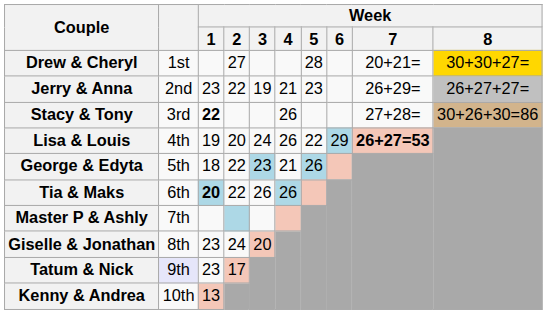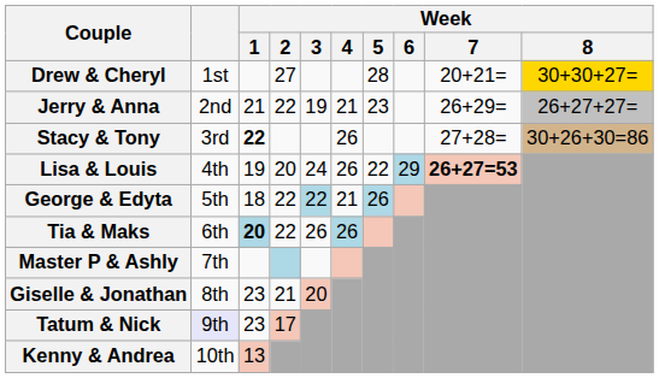 <table class="wikitable sortable" style="text-align:center; font-size:100%">
 <tr>
 <th scope="col" rowspan="2" style="text-align:center; line-height:15px;">Couple</th>
 <th scope="col" rowspan="2" style="text-align:center; line-height:15px;"></th>
 <th colspan="8" style="text-align:center; line-height:15px;">Week</th>
 </tr>
 <tr>
 <th scope="col" style="line-height:15px;">1</th>
 <th scope="col" style="line-height:15px;">2</th>
 <th scope="col" style="line-height:15px;">3</th>
 <th scope="col" style="line-height:15px;">4</th>
 <th scope="col" style="line-height:15px;">5</th>
 <th scope="col" style="line-height:15px;">6</th>
 <th scope="col" style="line-height:15px;">7</th>
 <th scope="col" style="line-height:15px;">8</th>
 </tr>
 <tr>
 <th scope="row">Drew & Cheryl</th>
 <td>1st</td>
 <td></td>
 <td>27</td>
 <td></td>
 <td></td>
 <td>28</td>
 <td></td>
 <td>20+21=</td>
 <td bgcolor=gold >30+30+27=</td>
 </tr>
 <tr>
 <th scope="row">Jerry & Anna</th>
 <td>2nd</td>
-<td>23</td>
+<td>21</td>
 <td>22</td>
 <td>19</td>
 <td>21</td>
 <td>23</td>
 <td></td>
 <td>26+29=</td>
 <td bgcolor=silver >26+27+27=</td>
 </tr>
 <tr>
 <th scope="row">Stacy & Tony</th>
 <td>3rd</td>
 <td><strong>22</strong></td>
 <td></td>
 <td></td>
 <td>26</td>
 <td></td>
 <td></td>
 <td>27+28=</td>
 <td bgcolor=tan >30+26+30=86</td>
 </tr>
 <tr>
 <th scope="row">Lisa & Louis</th>
 <td>4th</td>
 <td>19</td>
 <td>20</td>
 <td>24</td>
 <td>26</td>
 <td>22</td>
 <td bgcolor=lightblue>29</td>
 <td bgcolor=f4c7b8 ><strong>26+27=53</strong></td>
 <td colspan="1" rowspan="7" style="background:darkgray"></td>
 </tr>
 <tr>
 <th scope="row">George & Edyta</th>
 <td>5th</td>
 <td>18</td>
 <td>22</td>
-<td bgcolor=lightblue>23</td>
+<td bgcolor=lightblue>22</td>
 <td>21</td>
 <td bgcolor=lightblue>26</td>
 <td bgcolor=f4c7b8></td>
 <td rowspan="6" style="background:darkgray"></td>
 </tr>
 <tr>
 <th scope="row">Tia & Maks</th>
 <td>6th</td>
 <td bgcolor=lightblue><strong>20</strong></td>
 <td>22</td>
 <td>26</td>
 <td bgcolor=lightblue>26</td>
 <td bgcolor=f4c7b8></td>
 <td rowspan="5" style="background:darkgray"></td>
 </tr>
 <tr>
 <th scope="row">Master P & Ashly</th>
 <td>7th</td>
 <td></td>
 <td bgcolor=lightblue></td>
 <td></td>
 <td bgcolor=f4c7b8></td>
 <td rowspan="4" style="background:darkgray"></td>
 </tr>
 <tr>
 <th scope="row">Giselle & Jonathan</th>
 <td>8th</td>
 <td>23</td>
-<td>24</td>
+<td>21</td>
 <td bgcolor=f4c7b8>20</td>
 <td rowspan="3" style="background:darkgray"></td>
 </tr>
 <tr>
 <th scope="row">Tatum & Nick</th>
 <td style="background: lavender;">9th</td>
 <td>23</td>
 <td bgcolor=f4c7b8>17</td>
 <td rowspan="2" style="background:darkgray"></td>
 </tr>
 <tr>
 <th scope="row">Kenny & Andrea</th>
 <td>10th</td>
 <td bgcolor=f4c7b8>13</td>
 <td style="background:darkgray"></td>
 </tr>
 </table>
